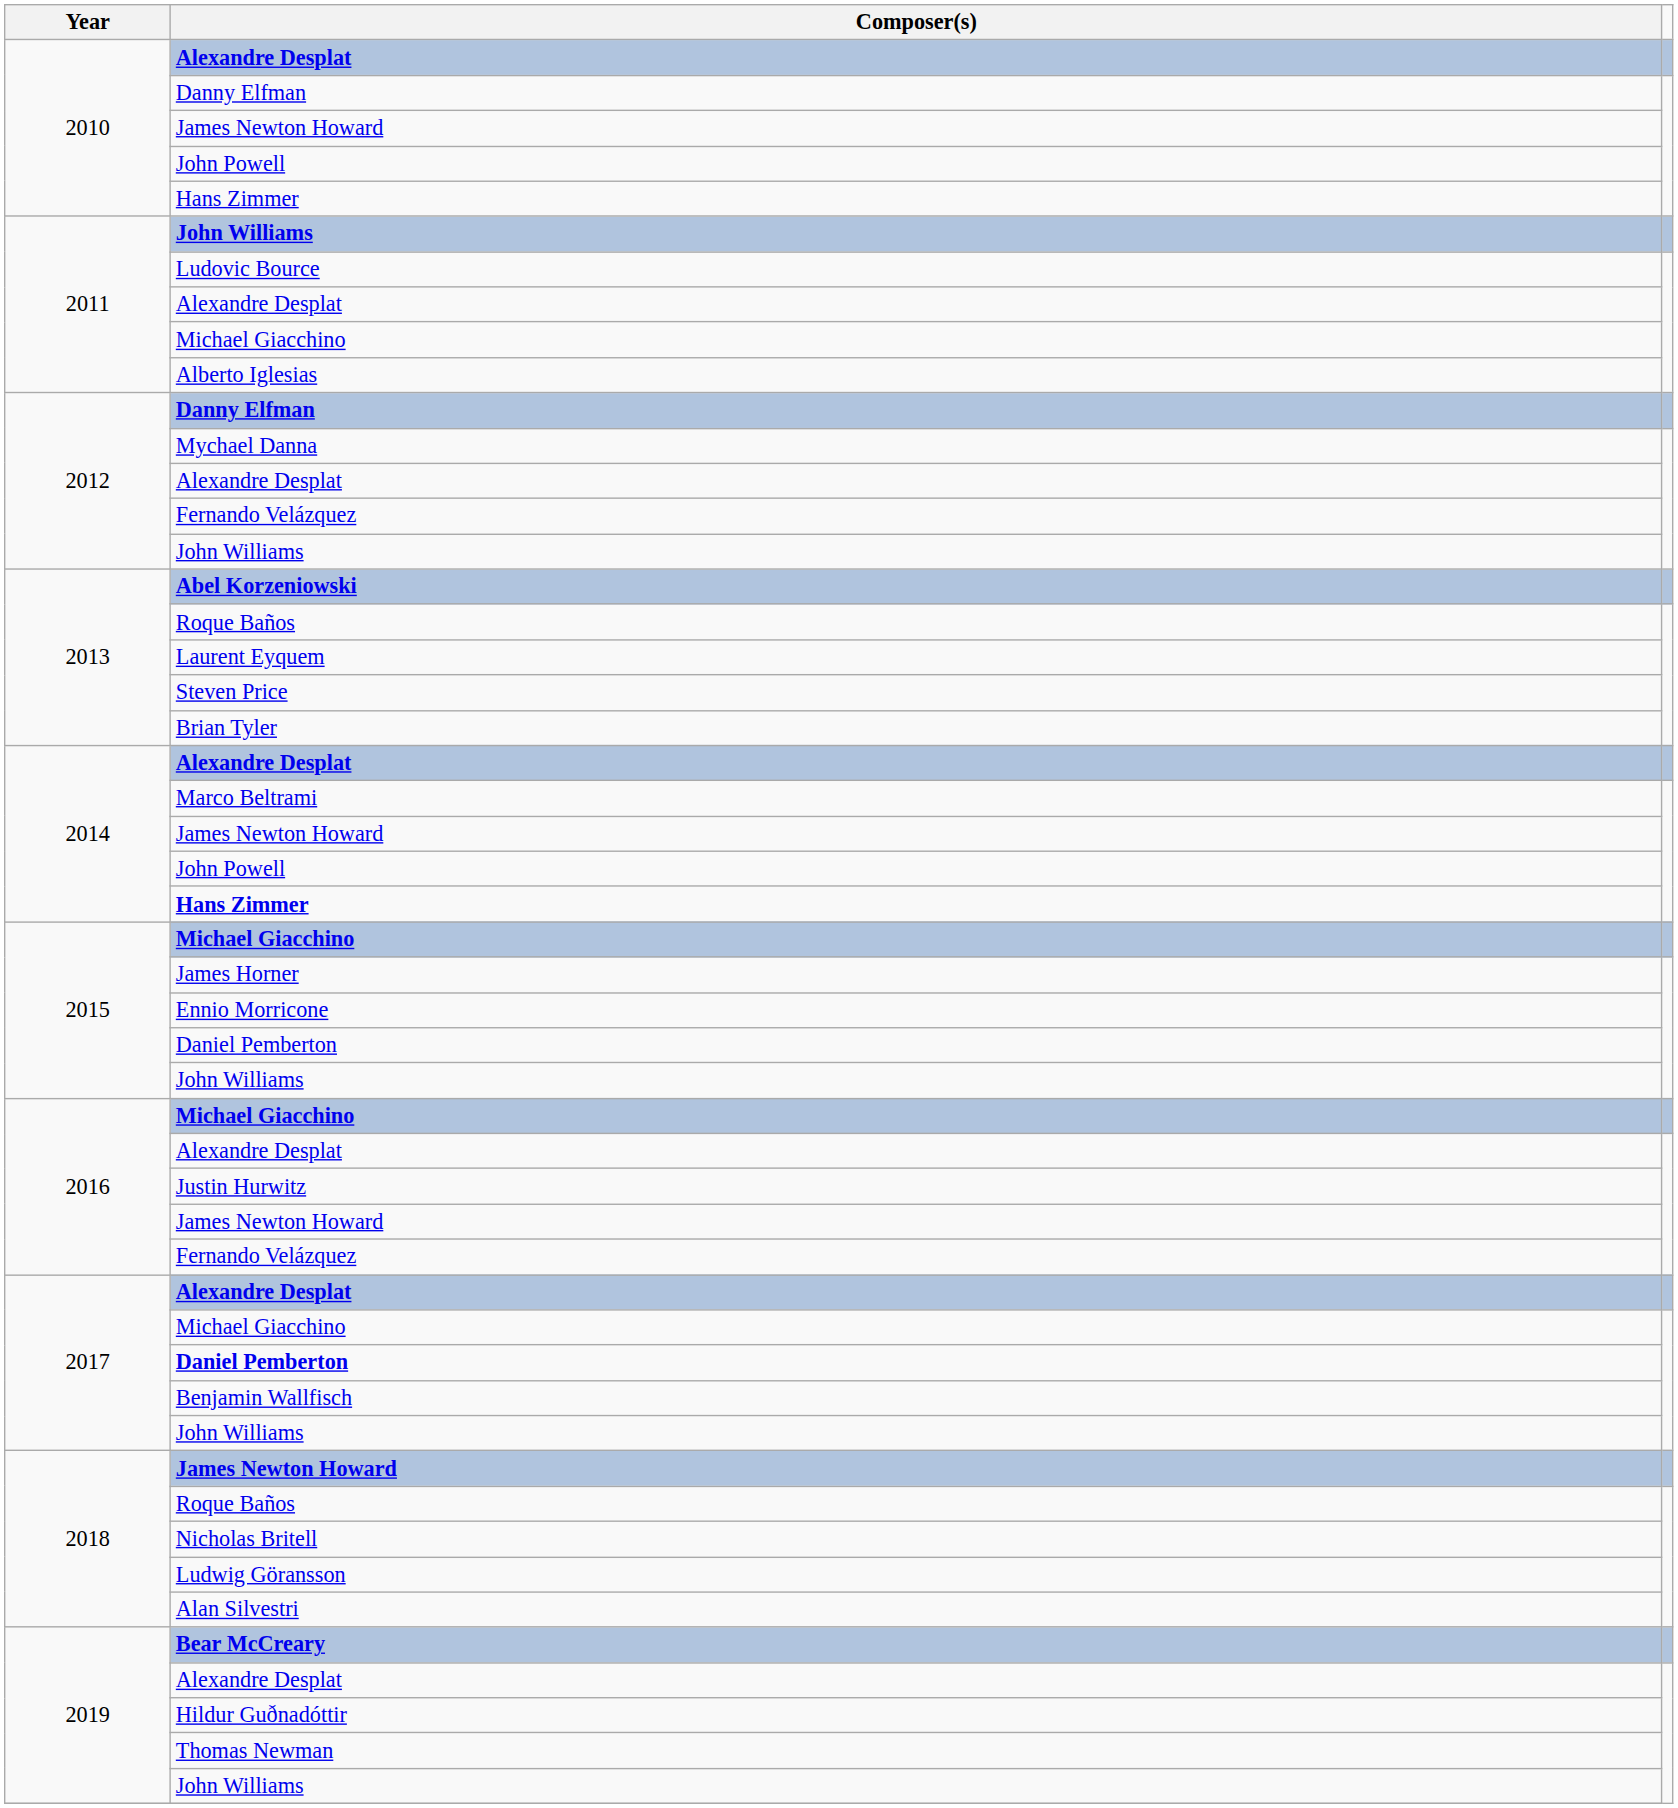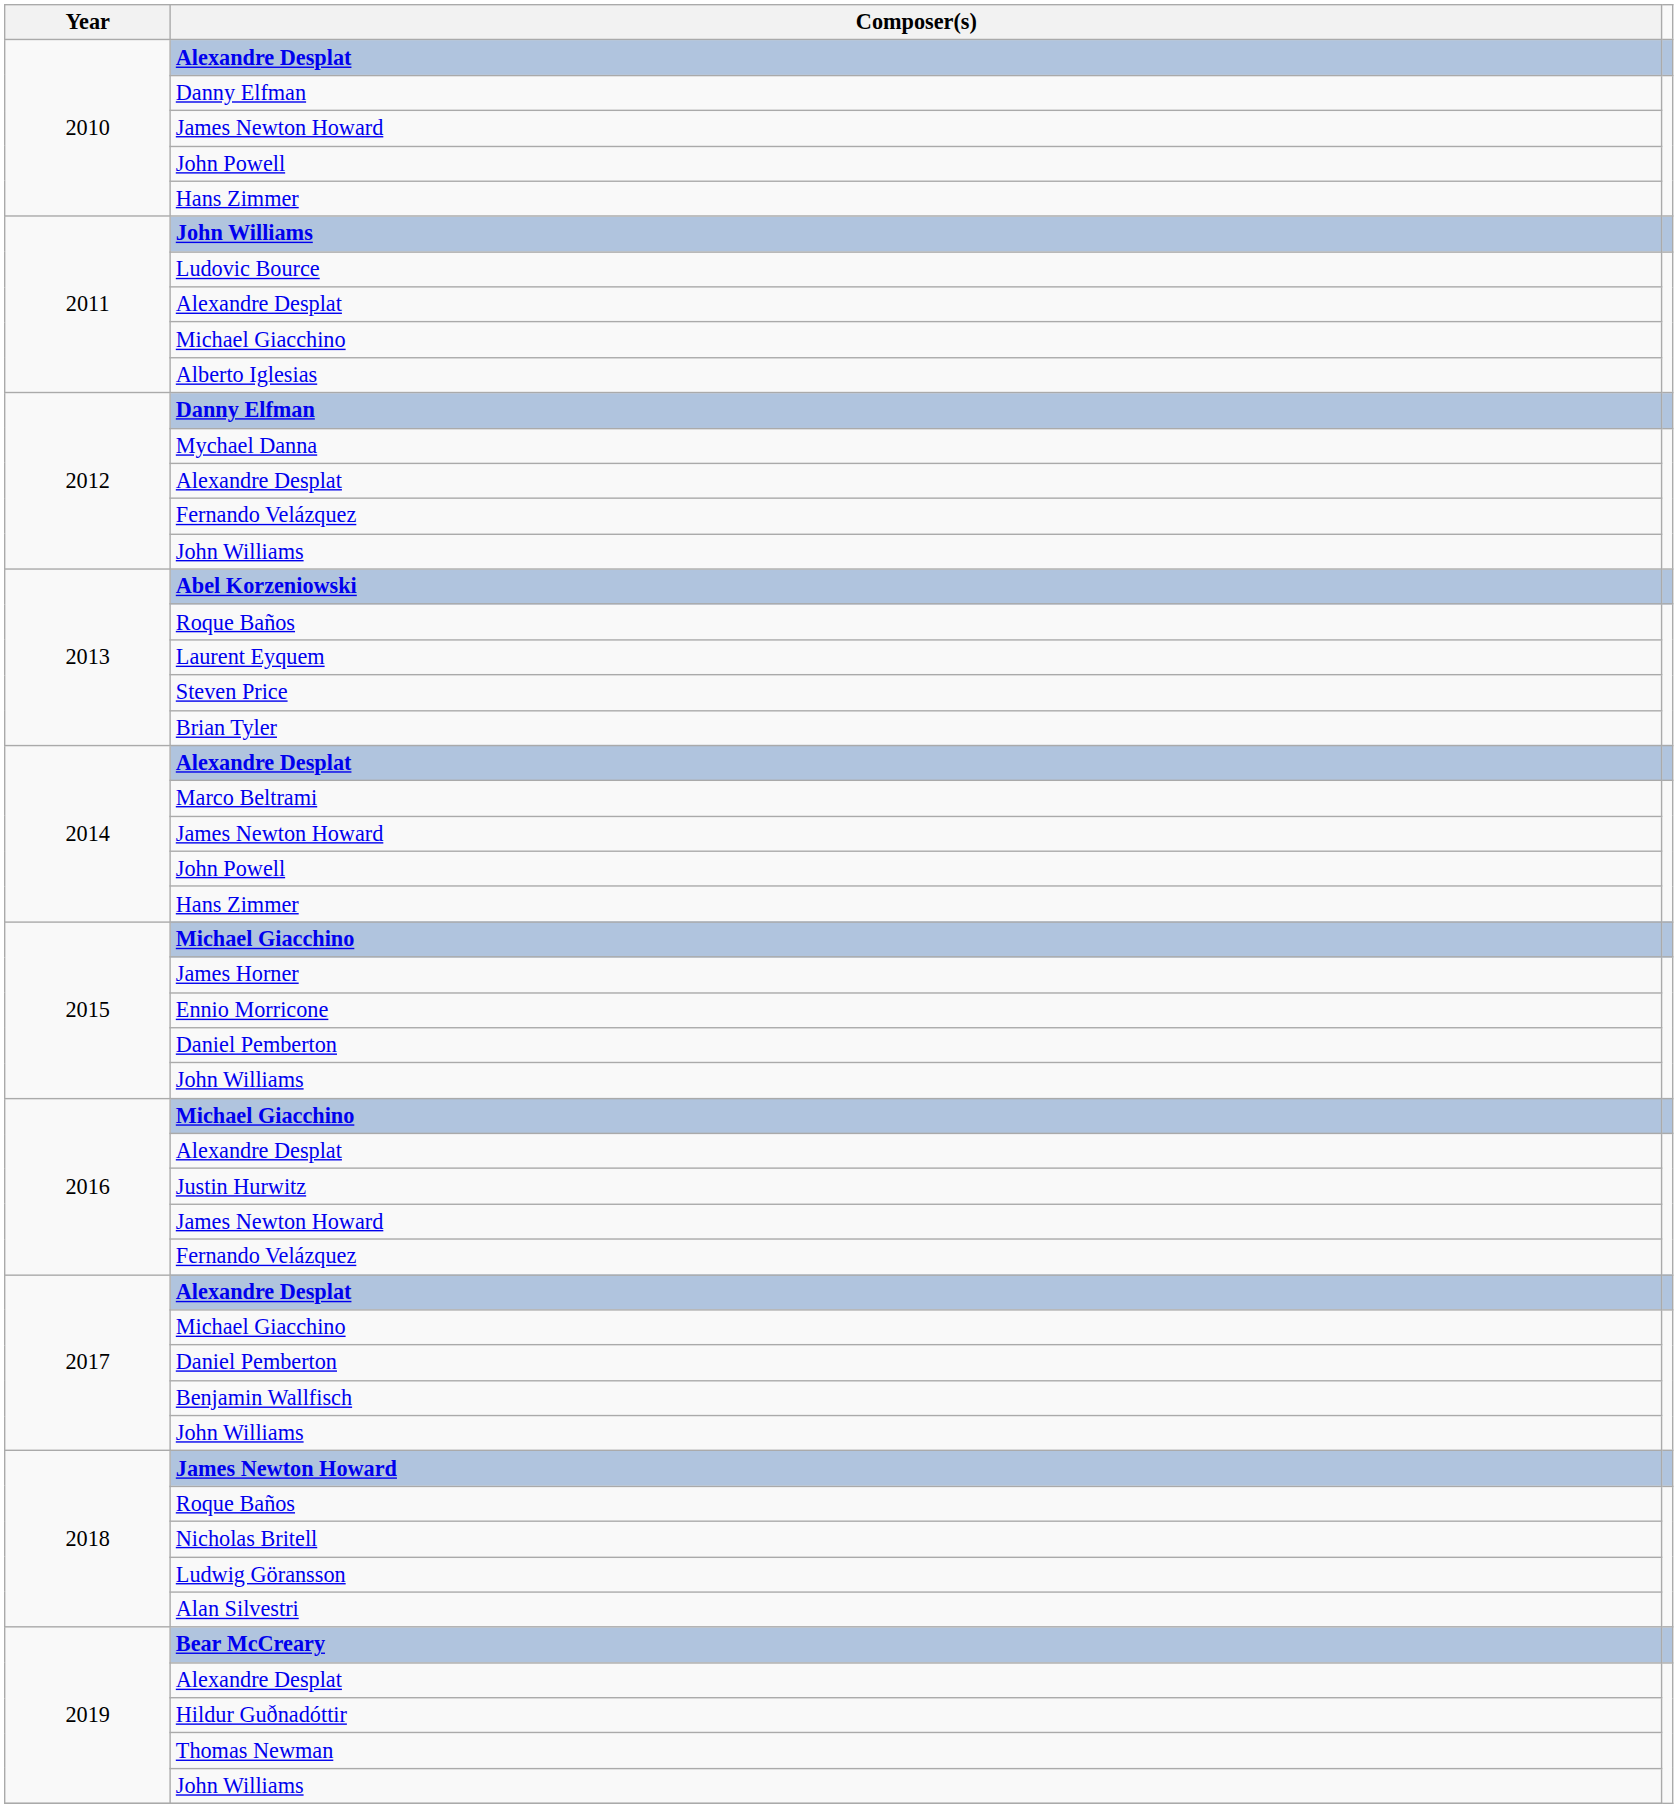 <table class="wikitable" width="95%" cellpadding="5">
 <tr>
 <th width="10%">Year</th>
 <th width="90%">Composer(s)</th>
 </tr>
 <tr>
 <td rowspan="5" style="text-align:center;">2010<br></td>
 <td style="background:#B0C4DE;"><strong><a href='#'>Alexandre Desplat</a></strong></td>
 <td style="background:#B0C4DE;"></td>
 </tr>
 <tr>
 <td><a href='#'>Danny Elfman</a></td>
 </tr>
 <tr>
 <td><a href='#'>James Newton Howard</a></td>
 </tr>
 <tr>
 <td><a href='#'>John Powell</a></td>
 </tr>
 <tr>
 <td><a href='#'>Hans Zimmer</a></td>
 </tr>
 <tr>
 <td rowspan="5" style="text-align:center;">2011<br></td>
 <td style="background:#B0C4DE;"><strong><a href='#'>John Williams</a></strong></td>
 <td style="background:#B0C4DE;"></td>
 </tr>
 <tr>
 <td><a href='#'>Ludovic Bource</a></td>
 </tr>
 <tr>
 <td><a href='#'>Alexandre Desplat</a></td>
 </tr>
 <tr>
 <td><a href='#'>Michael Giacchino</a></td>
 </tr>
 <tr>
 <td><a href='#'>Alberto Iglesias</a></td>
 </tr>
 <tr>
 <td rowspan="5" style="text-align:center;">2012<br></td>
 <td style="background:#B0C4DE;"><strong><a href='#'>Danny Elfman</a></strong></td>
 <td style="background:#B0C4DE;"></td>
 </tr>
 <tr>
 <td><a href='#'>Mychael Danna</a></td>
 </tr>
 <tr>
 <td><a href='#'>Alexandre Desplat</a></td>
 </tr>
 <tr>
 <td><a href='#'>Fernando Velázquez</a></td>
 </tr>
 <tr>
 <td><a href='#'>John Williams</a></td>
 </tr>
 <tr>
 <td rowspan="5" style="text-align:center;">2013<br></td>
 <td style="background:#B0C4DE;"><strong><a href='#'>Abel Korzeniowski</a></strong></td>
 <td style="background:#B0C4DE;"></td>
 </tr>
 <tr>
 <td><a href='#'>Roque Baños</a></td>
 </tr>
 <tr>
 <td><a href='#'>Laurent Eyquem</a></td>
 </tr>
 <tr>
 <td><a href='#'>Steven Price</a></td>
 </tr>
 <tr>
 <td><a href='#'>Brian Tyler</a></td>
 </tr>
 <tr>
 <td rowspan="5" style="text-align:center;">2014<br></td>
 <td style="background:#B0C4DE;"><strong><a href='#'>Alexandre Desplat</a></strong></td>
 <td style="background:#B0C4DE;"></td>
 </tr>
 <tr>
 <td><a href='#'>Marco Beltrami</a></td>
 </tr>
 <tr>
 <td><a href='#'>James Newton Howard</a></td>
 </tr>
 <tr>
 <td><a href='#'>John Powell</a></td>
 </tr>
 <tr>
-<td><strong><a href='#'>Hans Zimmer</a></strong></td>
+<td><a href='#'>Hans Zimmer</a></td>
 </tr>
 <tr>
 <td rowspan="5" style="text-align:center;">2015<br></td>
 <td style="background:#B0C4DE;"><strong><a href='#'>Michael Giacchino</a></strong></td>
 <td style="background:#B0C4DE;"></td>
 </tr>
 <tr>
 <td><a href='#'>James Horner</a></td>
 </tr>
 <tr>
 <td><a href='#'>Ennio Morricone</a></td>
 </tr>
 <tr>
 <td><a href='#'>Daniel Pemberton</a></td>
 </tr>
 <tr>
 <td><a href='#'>John Williams</a></td>
 </tr>
 <tr>
 <td rowspan="5" style="text-align:center;">2016<br></td>
 <td style="background:#B0C4DE;"><strong><a href='#'>Michael Giacchino</a></strong></td>
 <td style="background:#B0C4DE;"></td>
 </tr>
 <tr>
 <td><a href='#'>Alexandre Desplat</a></td>
 </tr>
 <tr>
 <td><a href='#'>Justin Hurwitz</a></td>
 </tr>
 <tr>
 <td><a href='#'>James Newton Howard</a></td>
 </tr>
 <tr>
 <td><a href='#'>Fernando Velázquez</a></td>
 </tr>
 <tr>
 <td rowspan="5" style="text-align:center;">2017<br></td>
 <td style="background:#B0C4DE;"><strong><a href='#'>Alexandre Desplat</a></strong></td>
 <td style="background:#B0C4DE;"></td>
 </tr>
 <tr>
 <td><a href='#'>Michael Giacchino</a></td>
 </tr>
 <tr>
-<td><strong><a href='#'>Daniel Pemberton</a></strong></td>
+<td><a href='#'>Daniel Pemberton</a></td>
 </tr>
 <tr>
 <td><a href='#'>Benjamin Wallfisch</a></td>
 </tr>
 <tr>
 <td><a href='#'>John Williams</a></td>
 </tr>
 <tr>
 <td rowspan="5" style="text-align:center;">2018<br></td>
 <td style="background:#B0C4DE;"><strong><a href='#'>James Newton Howard</a></strong></td>
 <td style="background:#B0C4DE;"></td>
 </tr>
 <tr>
 <td><a href='#'>Roque Baños</a></td>
 </tr>
 <tr>
 <td><a href='#'>Nicholas Britell</a></td>
 </tr>
 <tr>
 <td><a href='#'>Ludwig Göransson</a></td>
 </tr>
 <tr>
 <td><a href='#'>Alan Silvestri</a></td>
 </tr>
 <tr>
 <td rowspan="5" style="text-align:center;">2019<br></td>
 <td style="background:#B0C4DE;"><strong><a href='#'>Bear McCreary</a></strong></td>
 <td style="background:#B0C4DE;"></td>
 </tr>
 <tr>
 <td><a href='#'>Alexandre Desplat</a></td>
 </tr>
 <tr>
 <td><a href='#'>Hildur Guðnadóttir</a></td>
 </tr>
 <tr>
 <td><a href='#'>Thomas Newman</a></td>
 </tr>
 <tr>
 <td><a href='#'>John Williams</a></td>
 </tr>
 <tr>
 </tr>
 </table>
